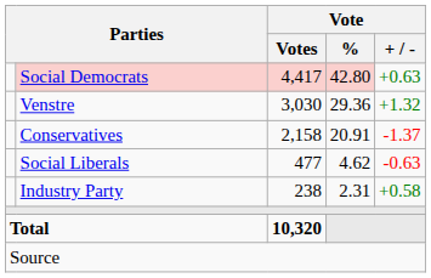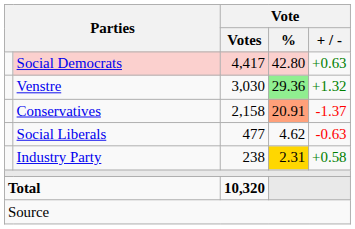 <table class="wikitable" style="text-align:right;">
 <tr>
 <th style="text-align:centre;" rowspan="2" colspan="2" width="225">Parties</th>
 <th colspan="3">Vote</th>
 </tr>
 <tr>
 <th width="15">Votes</th>
 <th width="15">%</th>
 <th width="15">+ / -</th>
 </tr>
 <tr>
 <td width="2" style="color:inherit;background:"></td>
 <td bgcolor=#fbd0ce  align="left"><a href='#'>Social Democrats</a></td>
 <td bgcolor=#fbd0ce>4,417</td>
 <td bgcolor=#fbd0ce>42.80</td>
 <td style=color:green;>+0.63</td>
 </tr>
 <tr>
 <td width="2" style="color:inherit;background:"></td>
 <td align="left"><a href='#'>Venstre</a></td>
 <td>3,030</td>
-<td>29.36</td>
+<td style="background: lightgreen;">29.36</td>
 <td style=color:green;>+1.32</td>
 </tr>
 <tr>
 <td width="2" style="color:inherit;background:"></td>
 <td align="left"><a href='#'>Conservatives</a></td>
 <td>2,158</td>
-<td>20.91</td>
+<td style="background: lightsalmon;">20.91</td>
 <td style=color:red;>-1.37</td>
 </tr>
 <tr>
 <td width="2" style="color:inherit;background:"></td>
 <td align="left"><a href='#'>Social Liberals</a></td>
 <td>477</td>
 <td>4.62</td>
 <td style=color:red;>-0.63</td>
 </tr>
 <tr>
 <td width="2" style="color:inherit;background:"></td>
 <td align="left"><a href='#'>Industry Party</a></td>
 <td>238</td>
-<td>2.31</td>
+<td style="background: gold;">2.31</td>
 <td style=color:green;>+0.58</td>
 </tr>
 <tr>
 <td colspan="7" bgcolor="#E9E9E9"></td>
 </tr>
 <tr>
 <td align="left" colspan="2"><strong>Total</strong></td>
 <td><strong>10,320</strong></td>
 <td bgcolor="#E9E9E9" colspan="2"></td>
 </tr>
 <tr>
 <td align="left" colspan="6">Source</td>
 </tr>
 </table>
